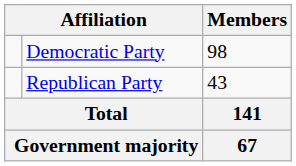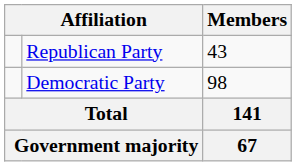 <table class="wikitable">
 <tr>
 <th colspan=2 align="center" valign="top">Affiliation</th>
 <th style="vertical-align:top;">Members</th>
 </tr>
 <tr>
 <td style="background-color:"> </td>
-<td><a href='#'>Democratic Party</a></td>
-<td>98</td>
+<td><a href='#'>Republican Party</a></td>
+<td>43</td>
 </tr>
 <tr>
 <td style="background-color:"> </td>
-<td><a href='#'>Republican Party</a></td>
-<td>43</td>
+<td><a href='#'>Democratic Party</a></td>
+<td>98</td>
 </tr>
 <tr>
 <th colspan=2> Total</th>
 <th>141</th>
 </tr>
 <tr>
 <th colspan=2> Government majority</th>
 <th>67</th>
 </tr>
 </table>
